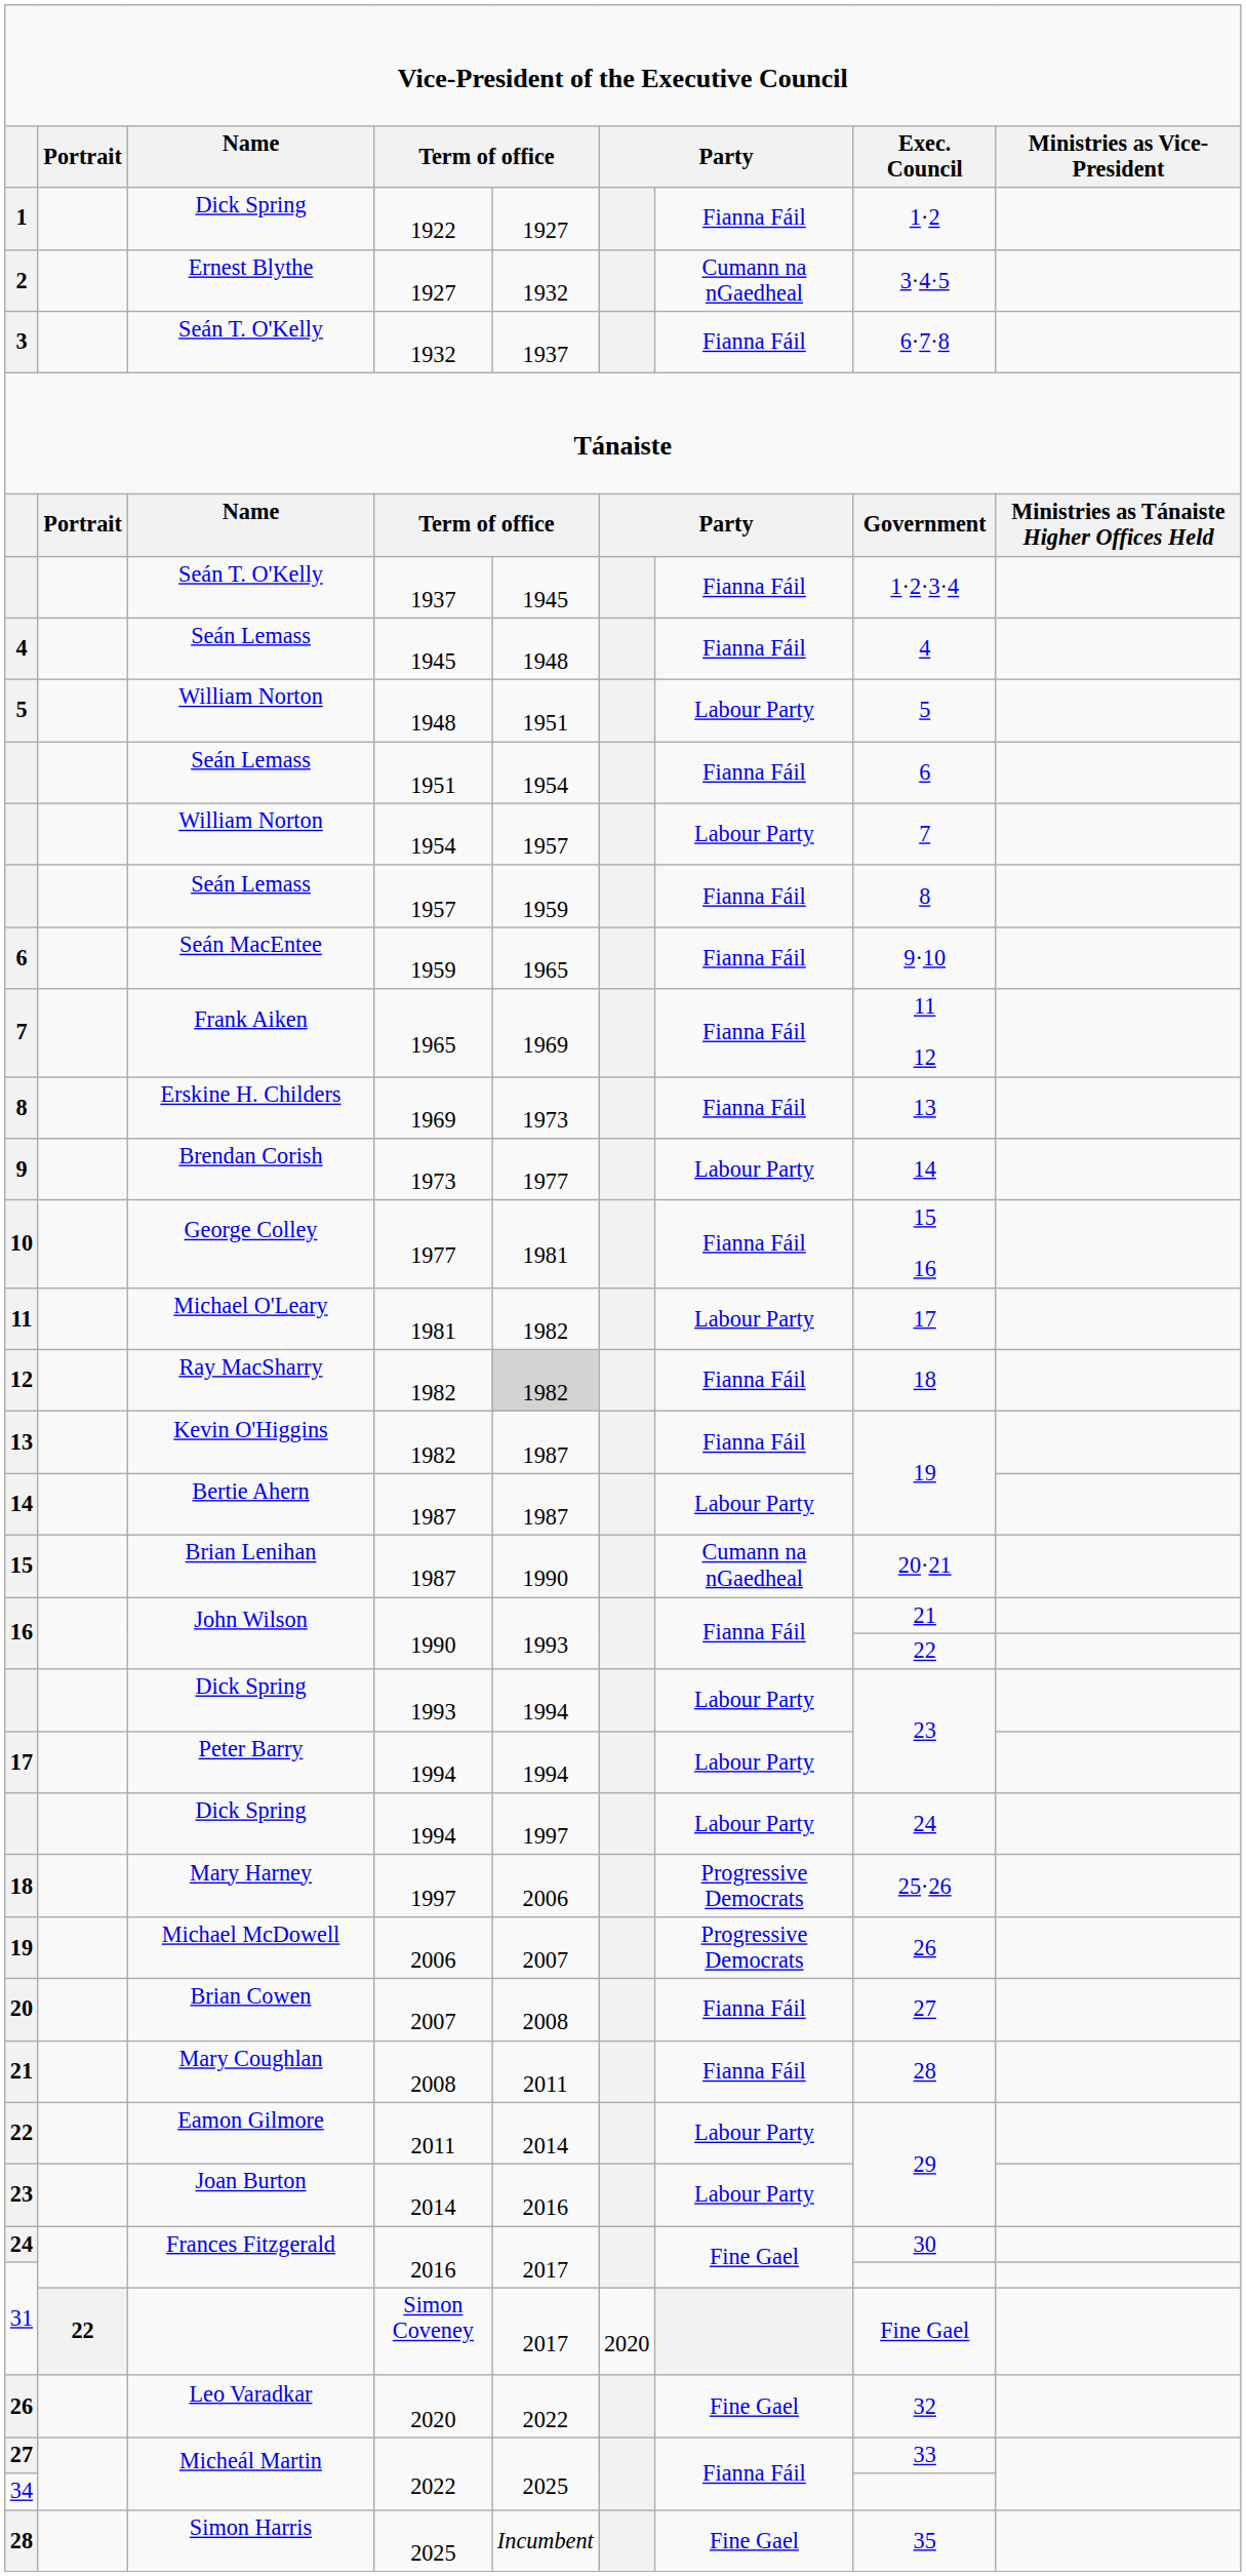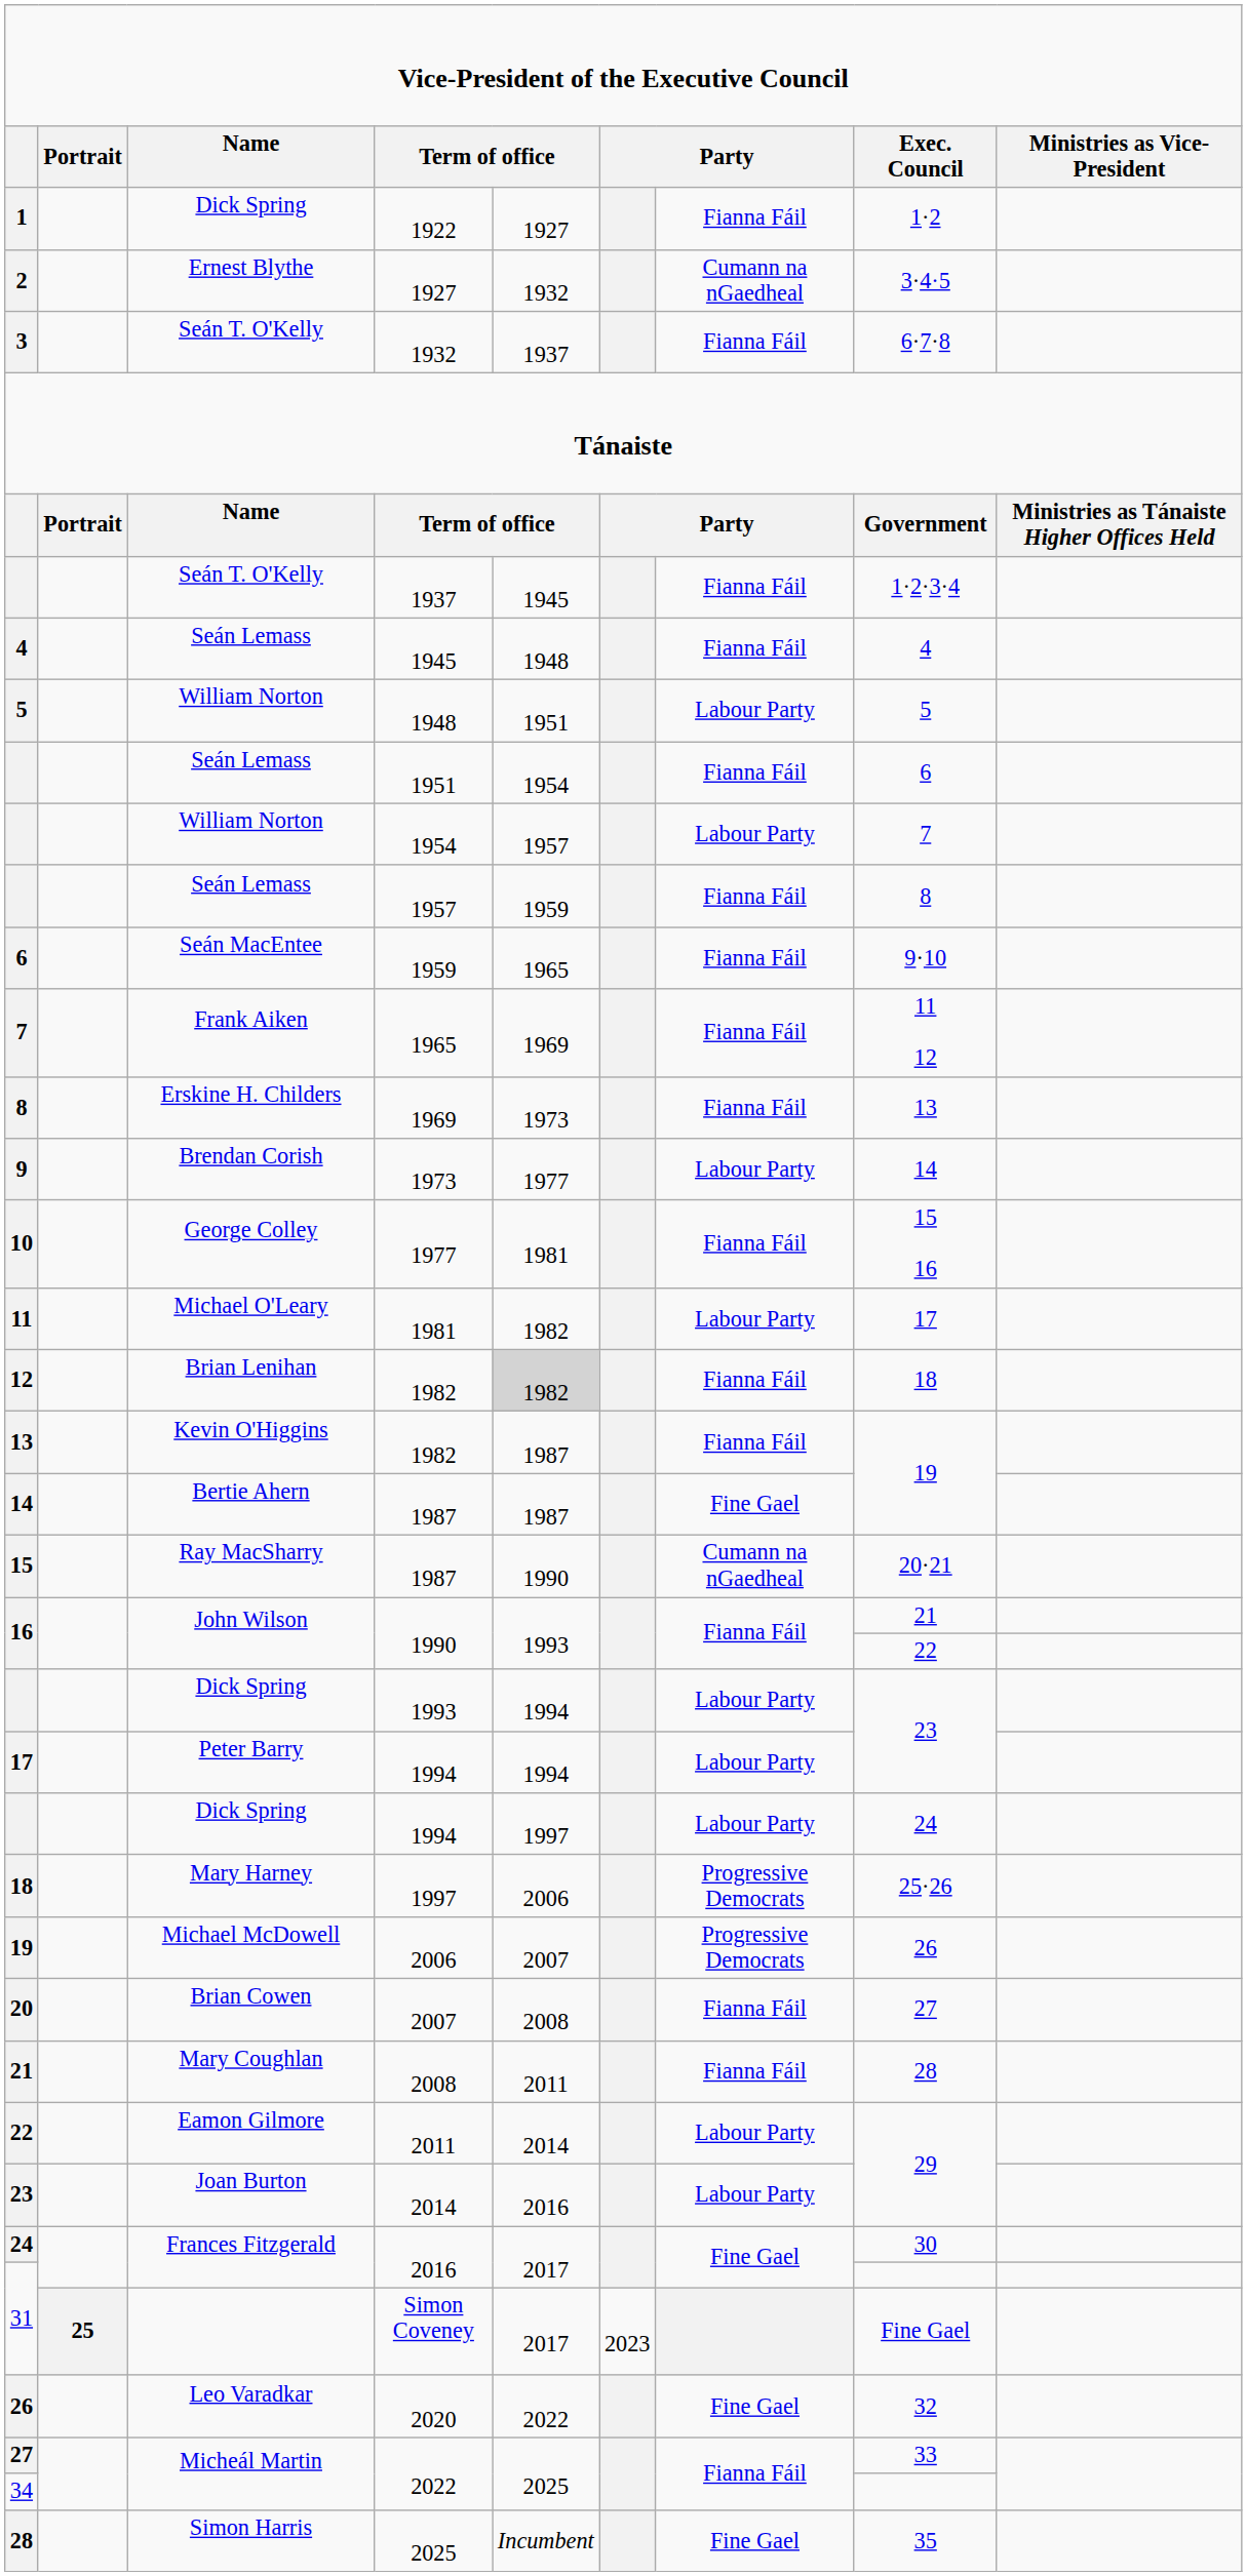 <table class="wikitable" style="text-align:center">
 <tr>
 <td colspan=9><br><h3>Vice-President of the Executive Council</h3></td>
 </tr>
 <tr>
 <th></th>
 <th>Portrait</th>
 <th width=20%>Name<br><br></th>
 <th colspan=2 width=16%>Term of office</th>
 <th colspan=2>Party</th>
 <th>Exec. Council<br></th>
 <th>Ministries as Vice-President</th>
 </tr>
 <tr>
 <th style="background:">1</th>
 <td></td>
 <td><a href='#'>Dick Spring</a><br><br></td>
 <td><br>1922</td>
 <td><br>1927</td>
 <th style="background-color: "></th>
 <td><a href='#'>Fianna Fáil</a></td>
 <td><a href='#'>1</a>·<a href='#'>2</a><br></td>
 <td></td>
 </tr>
 <tr>
 <th style="background:">2</th>
 <td></td>
 <td><a href='#'>Ernest Blythe</a><br><br></td>
 <td><br>1927</td>
 <td><br>1932</td>
 <th style="background-color: "></th>
 <td><a href='#'>Cumann na nGaedheal</a></td>
 <td><a href='#'>3</a>·<a href='#'>4·5</a><br></td>
 <td></td>
 </tr>
 <tr>
 <th style="background:">3</th>
 <td></td>
 <td><a href='#'>Seán T. O'Kelly</a><br><br></td>
 <td><br>1932</td>
 <td><br>1937</td>
 <th style="background-color: "></th>
 <td><a href='#'>Fianna Fáil</a></td>
 <td><a href='#'>6</a>·<a href='#'>7</a>·<a href='#'>8</a><br></td>
 <td></td>
 </tr>
 <tr>
 <td colspan=9><br><h3>Tánaiste</h3></td>
 </tr>
 <tr>
 <th></th>
 <th>Portrait</th>
 <th>Name<br><br></th>
 <th colspan=2>Term of office</th>
 <th colspan=2>Party</th>
 <th>Government<br></th>
 <th>Ministries as Tánaiste<br><em>Higher Offices Held</em></th>
 </tr>
 <tr>
 <th style="background:"></th>
 <td></td>
 <td><a href='#'>Seán T. O'Kelly</a><br><br></td>
 <td><br>1937</td>
 <td><br>1945</td>
 <th style="background-color: "></th>
 <td><a href='#'>Fianna Fáil</a></td>
 <td><a href='#'>1</a>·<a href='#'>2</a>·<a href='#'>3</a>·<a href='#'>4</a><br></td>
 <td></td>
 </tr>
 <tr>
 <th style="background:">4</th>
 <td></td>
 <td><a href='#'>Seán Lemass</a><br><br></td>
 <td><br>1945</td>
 <td><br>1948</td>
 <th style="background-color: "></th>
 <td><a href='#'>Fianna Fáil</a></td>
 <td><a href='#'>4</a><br></td>
 <td></td>
 </tr>
 <tr>
 <th style="background:">5</th>
 <td></td>
 <td><a href='#'>William Norton</a><br><br></td>
 <td><br>1948</td>
 <td><br>1951</td>
 <th style="background-color: "></th>
 <td><a href='#'>Labour Party</a></td>
 <td><a href='#'>5</a><br></td>
 <td></td>
 </tr>
 <tr>
 <th style="background:"></th>
 <td></td>
 <td><a href='#'>Seán Lemass</a><br><br></td>
 <td><br>1951</td>
 <td><br>1954</td>
 <th style="background-color: "></th>
 <td><a href='#'>Fianna Fáil</a></td>
 <td><a href='#'>6</a><br></td>
 <td></td>
 </tr>
 <tr>
 <th style="background:"></th>
 <td></td>
 <td><a href='#'>William Norton</a><br><br></td>
 <td><br>1954</td>
 <td><br>1957</td>
 <th style="background-color: "></th>
 <td><a href='#'>Labour Party</a></td>
 <td><a href='#'>7</a><br></td>
 <td></td>
 </tr>
 <tr>
 <th style="background:"></th>
 <td></td>
 <td><a href='#'>Seán Lemass</a><br><br></td>
 <td><br>1957</td>
 <td><br>1959</td>
 <th style="background-color: "></th>
 <td><a href='#'>Fianna Fáil</a></td>
 <td><a href='#'>8</a><br></td>
 <td></td>
 </tr>
 <tr>
 <th style="background:">6</th>
 <td></td>
 <td><a href='#'>Seán MacEntee</a><br><br></td>
 <td><br>1959</td>
 <td><br>1965</td>
 <th style="background-color: "></th>
 <td><a href='#'>Fianna Fáil</a></td>
 <td><a href='#'>9</a>·<a href='#'>10</a><br></td>
 <td></td>
 </tr>
 <tr>
 <th style="background:">7</th>
 <td></td>
 <td><a href='#'>Frank Aiken</a><br><br></td>
 <td><br>1965</td>
 <td><br>1969</td>
 <th style="background-color: "></th>
 <td><a href='#'>Fianna Fáil</a></td>
 <td><a href='#'>11</a><br><br><a href='#'>12</a><br></td>
 <td></td>
 </tr>
 <tr>
 <th style="background:">8</th>
 <td></td>
 <td><a href='#'>Erskine H. Childers</a><br><br></td>
 <td><br>1969</td>
 <td><br>1973</td>
 <th style="background-color: "></th>
 <td><a href='#'>Fianna Fáil</a></td>
 <td><a href='#'>13</a><br></td>
 <td></td>
 </tr>
 <tr>
 <th style="background:">9</th>
 <td></td>
 <td><a href='#'>Brendan Corish</a><br><br></td>
 <td><br>1973</td>
 <td><br>1977</td>
 <th style="background-color: "></th>
 <td><a href='#'>Labour Party</a></td>
 <td><a href='#'>14</a><br></td>
 <td></td>
 </tr>
 <tr>
 <th style="background:">10</th>
 <td></td>
 <td><a href='#'>George Colley</a><br><br></td>
 <td><br>1977</td>
 <td><br>1981</td>
 <th style="background-color: "></th>
 <td><a href='#'>Fianna Fáil</a></td>
 <td><a href='#'>15</a><br><br><a href='#'>16</a><br></td>
 <td></td>
 </tr>
 <tr>
 <th style="background:">11</th>
 <td></td>
 <td><a href='#'>Michael O'Leary</a><br><br></td>
 <td><br>1981</td>
 <td><br>1982</td>
 <th style="background-color: "></th>
 <td><a href='#'>Labour Party</a></td>
 <td><a href='#'>17</a><br></td>
 <td></td>
 </tr>
 <tr>
 <th style="background:">12</th>
 <td></td>
-<td><a href='#'>Ray MacSharry</a><br><br></td>
+<td><a href='#'>Brian Lenihan</a><br><br></td>
 <td><br>1982</td>
 <td style="background: lightgrey;"><br>1982</td>
 <th style="background-color: "></th>
 <td><a href='#'>Fianna Fáil</a></td>
 <td><a href='#'>18</a><br></td>
 <td></td>
 </tr>
 <tr>
 <th style="background:">13</th>
 <td></td>
 <td><a href='#'>Kevin O'Higgins</a><br><br></td>
 <td><br>1982</td>
 <td><br>1987</td>
 <th style="background-color: "></th>
 <td><a href='#'>Fianna Fáil</a></td>
 <td rowspan=2><a href='#'>19</a><br></td>
 <td></td>
 </tr>
 <tr>
 <th style="background:">14</th>
 <td></td>
 <td><a href='#'>Bertie Ahern</a><br><br></td>
 <td><br>1987</td>
 <td><br>1987</td>
 <th style="background-color: "></th>
-<td><a href='#'>Labour Party</a></td>
+<td><a href='#'>Fine Gael</a></td>
 <td></td>
 </tr>
 <tr>
 <th style="background:">15</th>
 <td></td>
-<td><a href='#'>Brian Lenihan</a><br><br></td>
+<td><a href='#'>Ray MacSharry</a><br><br></td>
 <td><br>1987</td>
 <td><br>1990</td>
 <th style="background-color: "></th>
 <td><a href='#'>Cumann na nGaedheal</a></td>
 <td><a href='#'>20</a>·<a href='#'>21</a><br></td>
 <td></td>
 </tr>
 <tr>
 <th rowspan=2 style="background:">16</th>
 <td rowspan=2></td>
 <td rowspan=2><a href='#'>John Wilson</a><br><br></td>
 <td rowspan=2><br>1990</td>
 <td rowspan=2><br>1993</td>
 <th rowspan=2 style="background-color: "></th>
 <td rowspan=2><a href='#'>Fianna Fáil</a></td>
 <td><a href='#'>21</a><br></td>
 <td></td>
 </tr>
 <tr>
 <td><a href='#'>22</a><br></td>
 <td></td>
 </tr>
 <tr>
 <th style="background:"></th>
 <td></td>
 <td><a href='#'>Dick Spring</a><br><br></td>
 <td><br>1993</td>
 <td><br>1994</td>
 <th style="background-color: "></th>
 <td><a href='#'>Labour Party</a></td>
 <td rowspan=2><a href='#'>23</a><br></td>
 <td></td>
 </tr>
 <tr>
 <th style="background:">17</th>
 <td></td>
 <td><a href='#'>Peter Barry</a><br><br></td>
 <td><br>1994</td>
 <td><br>1994</td>
 <th style="background-color: "></th>
 <td><a href='#'>Labour Party</a></td>
 <td></td>
 </tr>
 <tr>
 <th style="background:"></th>
 <td></td>
 <td><a href='#'>Dick Spring</a><br><br></td>
 <td><br>1994</td>
 <td><br>1997</td>
 <th style="background-color: "></th>
 <td><a href='#'>Labour Party</a></td>
 <td><a href='#'>24</a><br></td>
 <td></td>
 </tr>
 <tr>
 <th style="background:">18</th>
 <td></td>
 <td><a href='#'>Mary Harney</a><br><br></td>
 <td><br>1997</td>
 <td><br>2006</td>
 <th style="background-color: "></th>
 <td><a href='#'>Progressive Democrats</a></td>
 <td><a href='#'>25</a>·<a href='#'>26</a><br></td>
 <td></td>
 </tr>
 <tr>
 <th style="background:">19</th>
 <td></td>
 <td><a href='#'>Michael McDowell</a><br><br></td>
 <td><br>2006</td>
 <td><br>2007</td>
 <th style="background-color: "></th>
 <td><a href='#'>Progressive Democrats</a></td>
 <td><a href='#'>26</a><br></td>
 <td></td>
 </tr>
 <tr>
 <th style="background:">20</th>
 <td></td>
 <td><a href='#'>Brian Cowen</a><br><br></td>
 <td><br>2007</td>
 <td><br>2008</td>
 <th style="background-color: "></th>
 <td><a href='#'>Fianna Fáil</a></td>
 <td><a href='#'>27</a><br></td>
 <td></td>
 </tr>
 <tr>
 <th style="background:">21</th>
 <td></td>
 <td><a href='#'>Mary Coughlan</a><br><br></td>
 <td><br>2008</td>
 <td><br>2011</td>
 <th style="background-color: "></th>
 <td><a href='#'>Fianna Fáil</a></td>
 <td><a href='#'>28</a><br></td>
 <td></td>
 </tr>
 <tr>
 <th style="background:">22</th>
 <td></td>
 <td><a href='#'>Eamon Gilmore</a><br><br></td>
 <td><br>2011</td>
 <td><br>2014</td>
 <th style="background-color: "></th>
 <td><a href='#'>Labour Party</a></td>
 <td rowspan=2><a href='#'>29</a><br></td>
 <td></td>
 </tr>
 <tr>
 <th style="background:">23</th>
 <td></td>
 <td><a href='#'>Joan Burton</a><br><br></td>
 <td><br>2014</td>
 <td><br>2016</td>
 <th style="background-color: "></th>
 <td><a href='#'>Labour Party</a></td>
 <td></td>
 </tr>
 <tr>
 <th style="background:">24</th>
 <td rowspan=2></td>
 <td rowspan=2><a href='#'>Frances Fitzgerald</a><br><br></td>
 <td rowspan=2><br>2016</td>
 <td rowspan=2><br>2017</td>
 <th rowspan=2 style="background-color: "></th>
 <td rowspan=2><a href='#'>Fine Gael</a></td>
 <td><a href='#'>30</a><br></td>
 <td></td>
 </tr>
 <tr>
 <td rowspan=2><a href='#'>31</a><br></td>
 <td></td>
 </tr>
 <tr>
-<th style="background:">22</th>
+<th style="background:">25</th>
 <td></td>
 <td><a href='#'>Simon Coveney</a><br><br></td>
 <td><br>2017</td>
-<td><br>2020</td>
+<td><br>2023</td>
 <th style="background-color: "></th>
 <td><a href='#'>Fine Gael</a></td>
 <td></td>
 </tr>
 <tr>
 <th style="background:">26</th>
 <td></td>
 <td><a href='#'>Leo Varadkar</a><br><br></td>
 <td><br>2020</td>
 <td><br>2022</td>
 <th style="background-color: "></th>
 <td><a href='#'>Fine Gael</a></td>
 <td><a href='#'>32</a><br></td>
 <td><br><em></em></td>
 </tr>
 <tr>
 <th style="background:">27</th>
 <td rowspan=2></td>
 <td rowspan=2><a href='#'>Micheál Martin</a><br><br></td>
 <td rowspan=2><br>2022</td>
 <td rowspan=2><br>2025</td>
 <th rowspan=2 style="background-color: "></th>
 <td rowspan=2><a href='#'>Fianna Fáil</a></td>
 <td><a href='#'>33</a><br></td>
 <td rowspan=2><em></em><br><br></td>
 </tr>
 <tr>
 <td><a href='#'>34</a><br></td>
 </tr>
 <tr>
 <th style="background:">28</th>
 <td></td>
 <td><a href='#'>Simon Harris</a><br><br></td>
 <td><br>2025</td>
 <td><em>Incumbent</em></td>
 <th style="background-color: "></th>
 <td><a href='#'>Fine Gael</a></td>
 <td><a href='#'>35</a><br></td>
 <td><em></em><br><br></td>
 </tr>
 </table>
